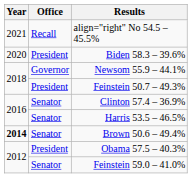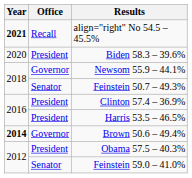 <table class=wikitable>
 <tr>
 <th width="30">Year</th>
 <th width="60">Office</th>
 <th width="180">Results</th>
 </tr>
 <tr>
-<td>2021</td>
+<td><strong>2021</strong></td>
 <td><a href='#'>Recall</a></td>
 <td>align="right"  No 54.5 – 45.5%</td>
 </tr>
 <tr>
 <td rowspan="1">2020</td>
 <td><a href='#'>President</a></td>
 <td align="right" ><a href='#'>Biden</a> 58.3 – 39.6%</td>
 </tr>
 <tr>
 <td rowspan="2">2018</td>
 <td><a href='#'>Governor</a></td>
 <td align="right" ><a href='#'>Newsom</a> 55.9 – 44.1%</td>
 </tr>
 <tr>
-<td><a href='#'>President</a></td>
+<td><a href='#'>Senator</a></td>
 <td align="right" ><a href='#'>Feinstein</a> 50.7 – 49.3%</td>
 </tr>
 <tr>
 <td rowspan="2">2016</td>
-<td><a href='#'>Senator</a></td>
+<td><a href='#'>President</a></td>
 <td align="right" ><a href='#'>Clinton</a> 57.4 – 36.9%</td>
 </tr>
 <tr>
-<td><a href='#'>Senator</a></td>
+<td><a href='#'>President</a></td>
 <td align="right" ><a href='#'>Harris</a> 53.5 – 46.5%</td>
 </tr>
 <tr>
 <td><strong>2014</strong></td>
-<td><a href='#'>Senator</a></td>
+<td><a href='#'>Governor</a></td>
 <td align="right" ><a href='#'>Brown</a> 50.6 – 49.4%</td>
 </tr>
 <tr>
 <td rowspan="2">2012</td>
 <td><a href='#'>President</a></td>
 <td align="right" ><a href='#'>Obama</a> 57.5 – 40.3%</td>
 </tr>
 <tr>
 <td><a href='#'>Senator</a></td>
 <td align="right" ><a href='#'>Feinstein</a> 59.0 – 41.0%</td>
 </tr>
 </table>
